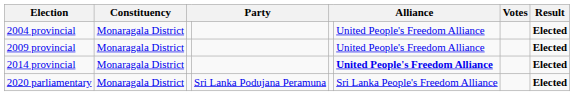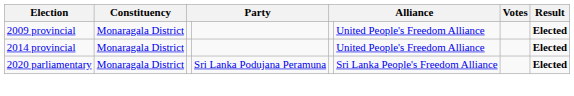 <table class="wikitable" style="text-align:left;">
 <tr>
 <th scope=col>Election</th>
 <th scope=col>Constituency</th>
 <th scope=col colspan="2">Party</th>
 <th scope=col colspan="2">Alliance</th>
 <th scope=col>Votes</th>
 <th scope=col>Result</th>
-</tr>
-<tr>
-<td><a href='#'>2004 provincial</a></td>
-<td><a href='#'>Monaragala District</a></td>
-<td></td>
-<td></td>
-<td style="background:"></td>
-<td><a href='#'>United People's Freedom Alliance</a></td>
-<td align=right></td>
-<td><strong>Elected</strong></td>
 </tr>
 <tr>
 <td><a href='#'>2009 provincial</a></td>
 <td><a href='#'>Monaragala District</a></td>
 <td></td>
 <td></td>
 <td style="background:"></td>
 <td><a href='#'>United People's Freedom Alliance</a></td>
 <td align=right></td>
 <td><strong>Elected</strong></td>
 </tr>
 <tr>
 <td><a href='#'>2014 provincial</a></td>
 <td><a href='#'>Monaragala District</a></td>
 <td></td>
 <td></td>
 <td style="background:"></td>
-<td><strong><a href='#'>United People's Freedom Alliance</a></strong></td>
+<td><a href='#'>United People's Freedom Alliance</a></td>
 <td align=right></td>
 <td><strong>Elected</strong></td>
 </tr>
 <tr>
 <td><a href='#'>2020 parliamentary</a></td>
 <td><a href='#'>Monaragala District</a></td>
 <td style="background:"></td>
 <td><a href='#'>Sri Lanka Podujana Peramuna</a></td>
 <td style="background:"></td>
 <td><a href='#'>Sri Lanka People's Freedom Alliance</a></td>
 <td align=right></td>
 <td><strong>Elected</strong></td>
 </tr>
 </table>
